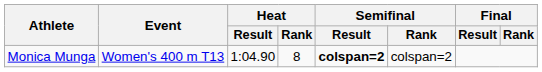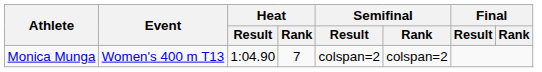 <table class="wikitable" style="font-size:90%">
 <tr>
 <th rowspan="2">Athlete</th>
 <th rowspan="2">Event</th>
 <th colspan="2">Heat</th>
 <th colspan="2">Semifinal</th>
 <th colspan="2">Final</th>
 </tr>
 <tr style="font-size:95%">
 <th>Result</th>
 <th>Rank</th>
 <th>Result</th>
 <th>Rank</th>
 <th>Result</th>
 <th>Rank</th>
 </tr>
 <tr align=center>
 <td align=left><a href='#'>Monica Munga</a></td>
 <td align=left><a href='#'>Women's 400 m T13</a></td>
 <td>1:04.90</td>
-<td>8</td>
-<td><strong>colspan=2 </strong></td>
+<td>7</td>
+<td>colspan=2 </td>
 <td>colspan=2 </td>
 </tr>
 </table>
